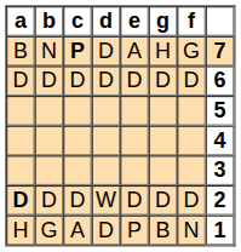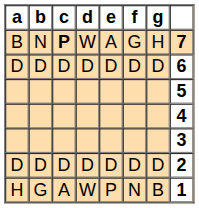 <table style="background:#ffdead" border="1" cellspacing="0">
 <tr align=center border="0" style="background:white;">
 <th style="width:17px">a</th>
 <th style="width:17px">b</th>
 <th style="width:17px">c</th>
 <th style="width:17px">d</th>
 <th style="width:17px">e</th>
+<th style="width:17px">f</th>
 <th style="width:17px">g</th>
-<th style="width:17px">f</th>
 <th style="width:17px"> </th>
 </tr>
 <tr align=center>
 <td>B</td>
 <td>N</td>
 <td><strong>P</strong></td>
-<td>D</td>
+<td>W</td>
 <td>A</td>
+<td>G</td>
 <td>H</td>
-<td>G</td>
 <td style="width:15px" style="background:white;"><strong>7</strong></td>
 </tr>
 <tr align=center>
 <td>D</td>
 <td>D</td>
 <td>D</td>
 <td>D</td>
 <td>D</td>
 <td>D</td>
 <td>D</td>
 <td style="background:white;"><strong>6</strong></td>
 </tr>
 <tr align=center>
 <td> </td>
 <td> </td>
 <td> </td>
 <td> </td>
 <td> </td>
 <td> </td>
 <td> </td>
 <td style="background:white;"><strong>5</strong></td>
 </tr>
 <tr align=center>
 <td> </td>
 <td> </td>
 <td> </td>
 <td> </td>
 <td> </td>
 <td> </td>
 <td> </td>
 <td style="background:white;"><strong>4</strong></td>
 </tr>
 <tr align=center>
 <td> </td>
 <td> </td>
 <td> </td>
 <td> </td>
 <td> </td>
 <td> </td>
 <td> </td>
 <td style="background:white;"><strong>3</strong></td>
 </tr>
 <tr align=center>
-<td><strong>D</strong></td>
 <td>D</td>
 <td>D</td>
-<td>W</td>
+<td>D</td>
+<td>D</td>
 <td>D</td>
 <td>D</td>
 <td>D</td>
 <td style="background:white;"><strong>2</strong></td>
 </tr>
 <tr align=center>
 <td>H</td>
 <td>G</td>
 <td>A</td>
-<td>D</td>
+<td>W</td>
 <td>P</td>
+<td>N</td>
 <td>B</td>
-<td>N</td>
 <td style="background:white;"><strong>1</strong></td>
 </tr>
 </table>
